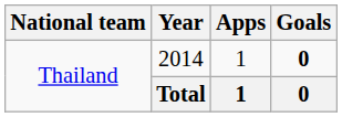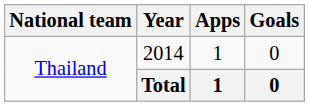 <table class="wikitable" style="text-align:center">
 <tr>
 <th>National team</th>
 <th>Year</th>
 <th>Apps</th>
 <th>Goals</th>
 </tr>
 <tr>
 <td rowspan="2" valign="center"><a href='#'>Thailand</a></td>
 <td>2014</td>
 <td>1</td>
-<td><strong>0</strong></td>
+<td>0</td>
 </tr>
 <tr>
 <th>Total</th>
 <th>1</th>
 <th>0</th>
 </tr>
 </table>
